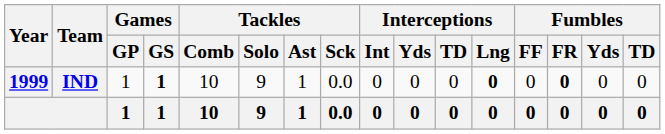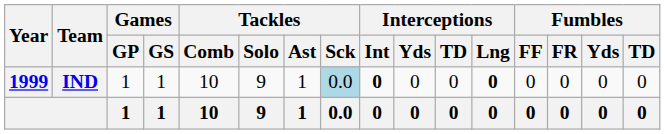 <table class="wikitable" style="text-align:center">
 <tr>
 <th rowspan="2">Year</th>
 <th rowspan="2">Team</th>
 <th colspan="2">Games</th>
 <th colspan="4">Tackles</th>
 <th colspan="4">Interceptions</th>
 <th colspan="4">Fumbles</th>
 </tr>
 <tr>
 <th>GP</th>
 <th>GS</th>
 <th>Comb</th>
 <th>Solo</th>
 <th>Ast</th>
 <th>Sck</th>
 <th>Int</th>
 <th>Yds</th>
 <th>TD</th>
 <th>Lng</th>
 <th>FF</th>
 <th>FR</th>
 <th>Yds</th>
 <th>TD</th>
 </tr>
 <tr>
 <th><a href='#'>1999</a></th>
 <th><a href='#'>IND</a></th>
 <td>1</td>
-<td><strong>1</strong></td>
+<td>1</td>
 <td>10</td>
 <td>9</td>
 <td>1</td>
-<td>0.0</td>
-<td>0</td>
+<td style="background: lightblue;">0.0</td>
+<td><strong>0</strong></td>
 <td>0</td>
 <td>0</td>
 <td><strong>0</strong></td>
 <td>0</td>
-<td><strong>0</strong></td>
+<td>0</td>
 <td>0</td>
 <td>0</td>
 </tr>
 <tr>
 <th colspan="2"></th>
 <th>1</th>
 <th>1</th>
 <th>10</th>
 <th>9</th>
 <th>1</th>
 <th>0.0</th>
 <th>0</th>
 <th>0</th>
 <th>0</th>
 <th>0</th>
 <th>0</th>
 <th>0</th>
 <th>0</th>
 <th>0</th>
 </tr>
 </table>
